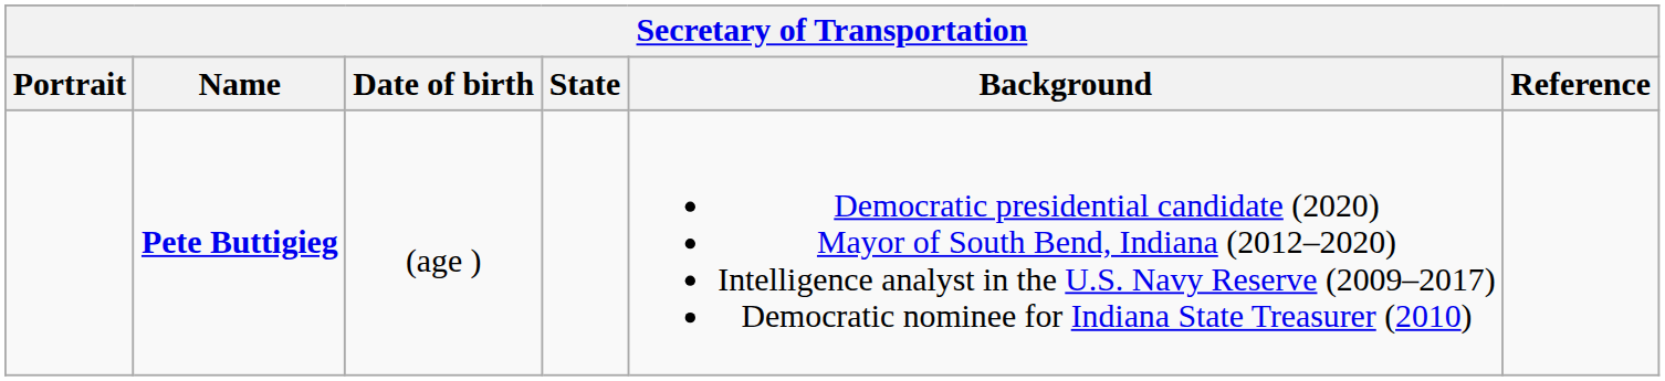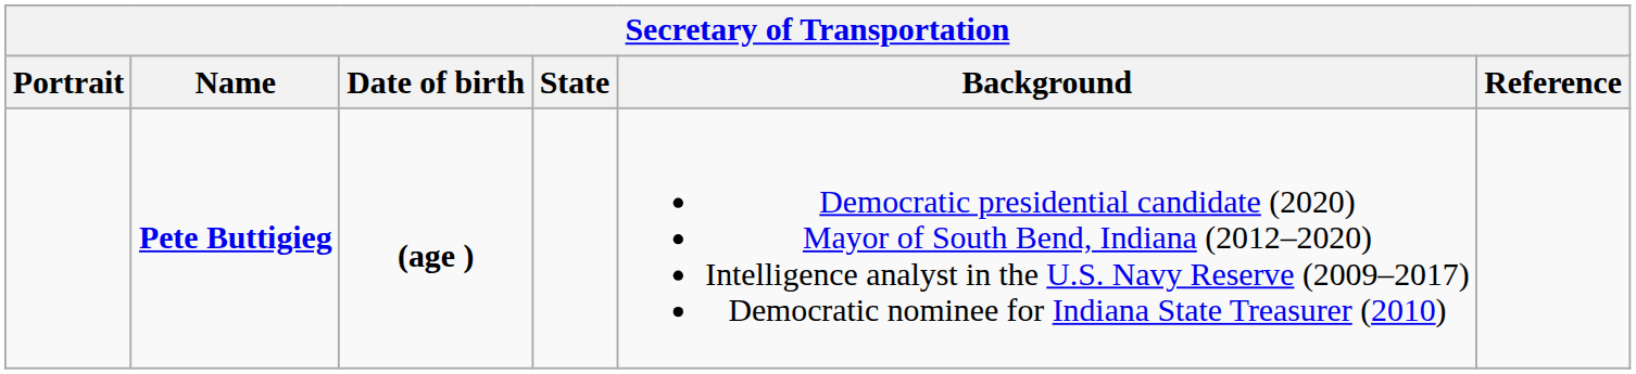 <table class="wikitable collapsible" style="text-align:center;">
 <tr>
 <th colspan="6"><a href='#'>Secretary of Transportation</a></th>
 </tr>
 <tr>
 <th>Portrait</th>
 <th>Name</th>
 <th>Date of birth</th>
 <th>State</th>
 <th>Background</th>
 <th>Reference</th>
 </tr>
 <tr>
 <td></td>
 <td><strong><a href='#'>Pete Buttigieg</a></strong></td>
-<td><br>(age )</td>
+<td><strong><br>(age )</strong></td>
 <td></td>
 <td><br><ul><li><a href='#'>Democratic presidential candidate</a> (2020)</li><li><a href='#'>Mayor of South Bend, Indiana</a> (2012–2020)</li><li>Intelligence analyst in the <a href='#'>U.S. Navy Reserve</a> (2009–2017)</li><li>Democratic nominee for <a href='#'>Indiana State Treasurer</a> (<a href='#'>2010</a>)</li></ul></td>
 <td></td>
 </tr>
 </table>
